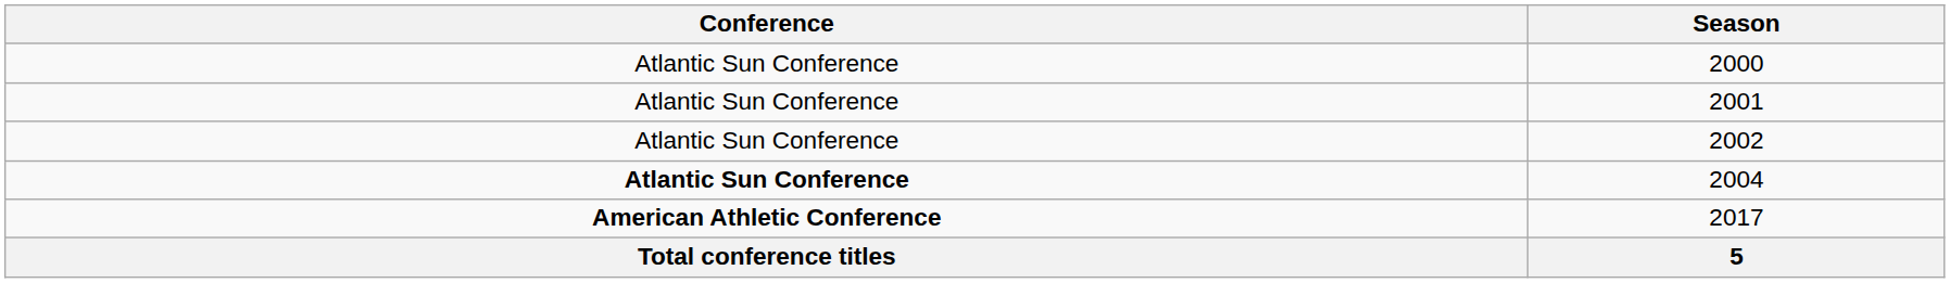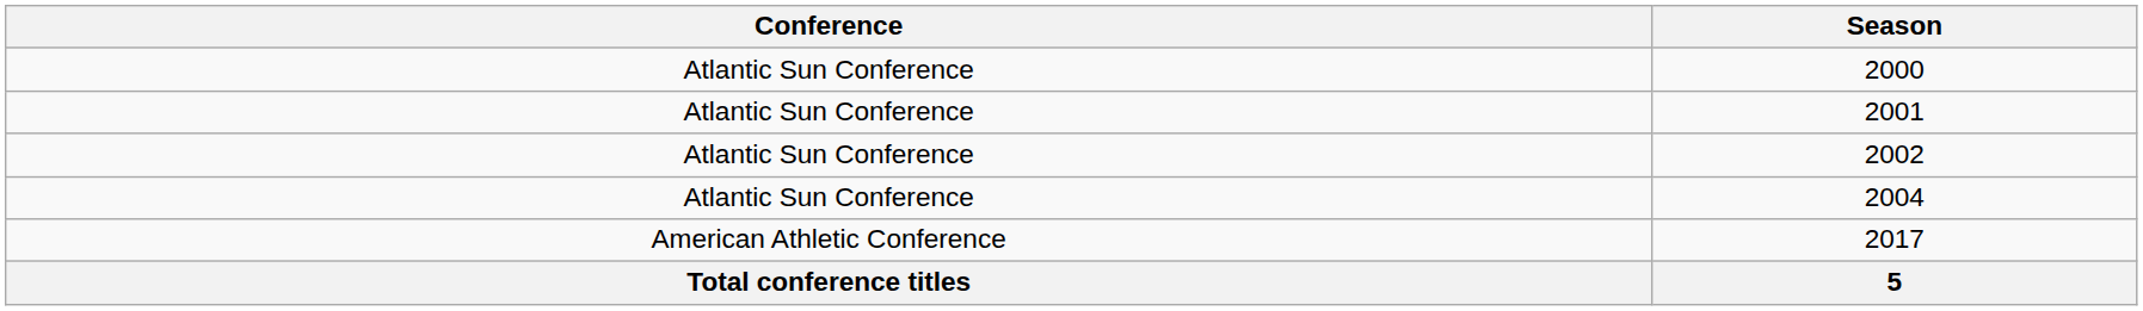 <table cellpadding="1" border="1" cellspacing="0" width="80%" class="wikitable">
 <tr>
 <th>Conference</th>
 <th>Season</th>
 </tr>
 <tr style="text-align:center">
 <td>Atlantic Sun Conference</td>
 <td>2000</td>
 </tr>
 <tr style="text-align:center">
 <td>Atlantic Sun Conference</td>
 <td>2001</td>
 </tr>
 <tr style="text-align:center">
 <td>Atlantic Sun Conference</td>
 <td>2002</td>
 </tr>
 <tr style="text-align:center">
-<td><strong>Atlantic Sun Conference</strong></td>
+<td>Atlantic Sun Conference</td>
 <td>2004</td>
 </tr>
 <tr style="text-align:center">
-<td><strong>American Athletic Conference</strong></td>
+<td>American Athletic Conference</td>
 <td>2017</td>
 </tr>
 <tr style="text-align:center" class="sortbottom">
 <th colspan=1;>Total conference titles</th>
 <th colspan=1;><strong>5</strong></th>
 </tr>
 </table>
